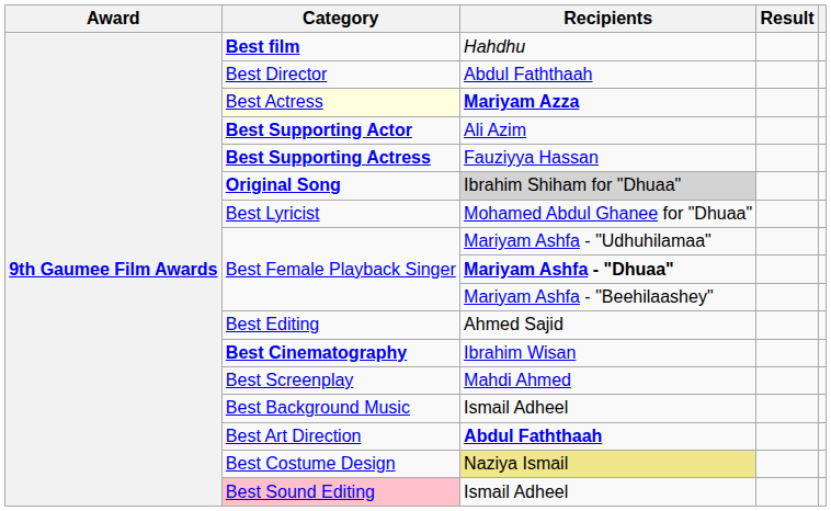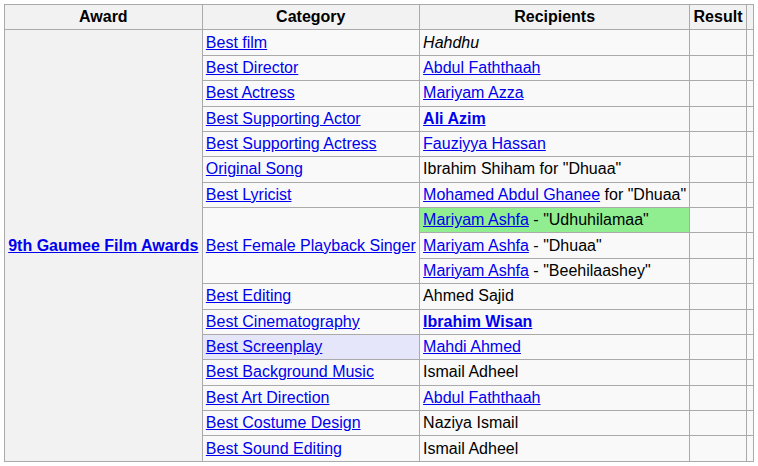 <table class="wikitable plainrowheaders sortable">
 <tr>
 <th scope="col">Award</th>
 <th scope="col">Category</th>
 <th scope="col">Recipients</th>
 <th scope="col">Result</th>
 <th scope="col" class="unsortable"></th>
 </tr>
 <tr>
 <th scope="row" rowspan="17"><a href='#'>9th Gaumee Film Awards</a></th>
-<td><strong><a href='#'>Best film</a></strong></td>
+<td><a href='#'>Best film</a></td>
 <td><em>Hahdhu</em></td>
 <td></td>
 <td style="text-align:center;"></td>
 </tr>
 <tr>
 <td><a href='#'>Best Director</a></td>
 <td><a href='#'>Abdul Faththaah</a></td>
 <td></td>
 <td style="text-align:center;"></td>
 </tr>
 <tr>
-<td style="background: lightyellow;"><a href='#'>Best Actress</a></td>
-<td><strong><a href='#'>Mariyam Azza</a></strong></td>
+<td><a href='#'>Best Actress</a></td>
+<td><a href='#'>Mariyam Azza</a></td>
 <td></td>
 <td style="text-align:center;"></td>
 </tr>
 <tr>
-<td><strong><a href='#'>Best Supporting Actor</a></strong></td>
-<td><a href='#'>Ali Azim</a></td>
+<td><a href='#'>Best Supporting Actor</a></td>
+<td><strong><a href='#'>Ali Azim</a></strong></td>
 <td></td>
 <td style="text-align:center;"></td>
 </tr>
 <tr>
-<td><strong><a href='#'>Best Supporting Actress</a></strong></td>
+<td><a href='#'>Best Supporting Actress</a></td>
 <td><a href='#'>Fauziyya Hassan</a></td>
 <td></td>
 <td style="text-align:center;"></td>
 </tr>
 <tr>
-<td><strong><a href='#'>Original Song</a></strong></td>
-<td style="background: lightgrey;">Ibrahim Shiham for "Dhuaa"</td>
+<td><a href='#'>Original Song</a></td>
+<td>Ibrahim Shiham for "Dhuaa"</td>
 <td></td>
 <td style="text-align:center;"></td>
 </tr>
 <tr>
 <td><a href='#'>Best Lyricist</a></td>
 <td><a href='#'>Mohamed Abdul Ghanee</a> for "Dhuaa"</td>
 <td></td>
 <td style="text-align:center;"></td>
 </tr>
 <tr>
 <td rowspan="3"><a href='#'>Best Female Playback Singer</a></td>
-<td><a href='#'>Mariyam Ashfa</a> - "Udhuhilamaa"</td>
+<td style="background: lightgreen;"><a href='#'>Mariyam Ashfa</a> - "Udhuhilamaa"</td>
 <td></td>
 <td style="text-align:center;"></td>
 </tr>
 <tr>
-<td><strong><a href='#'>Mariyam Ashfa</a> - "Dhuaa"</strong></td>
+<td><a href='#'>Mariyam Ashfa</a> - "Dhuaa"</td>
 <td></td>
 <td style="text-align:center;"></td>
 </tr>
 <tr>
 <td><a href='#'>Mariyam Ashfa</a> - "Beehilaashey"</td>
 <td></td>
 <td style="text-align:center;"></td>
 </tr>
 <tr>
 <td><a href='#'>Best Editing</a></td>
 <td>Ahmed Sajid</td>
 <td></td>
 <td style="text-align:center;"></td>
 </tr>
 <tr>
-<td><strong><a href='#'>Best Cinematography</a></strong></td>
-<td><a href='#'>Ibrahim Wisan</a></td>
+<td><a href='#'>Best Cinematography</a></td>
+<td><strong><a href='#'>Ibrahim Wisan</a></strong></td>
 <td></td>
 <td style="text-align:center;"></td>
 </tr>
 <tr>
-<td><a href='#'>Best Screenplay</a></td>
+<td style="background: lavender;"><a href='#'>Best Screenplay</a></td>
 <td><a href='#'>Mahdi Ahmed</a></td>
 <td></td>
 <td style="text-align:center;"></td>
 </tr>
 <tr>
 <td><a href='#'>Best Background Music</a></td>
 <td>Ismail Adheel</td>
 <td></td>
 <td style="text-align:center;"></td>
 </tr>
 <tr>
 <td><a href='#'>Best Art Direction</a></td>
-<td><strong><a href='#'>Abdul Faththaah</a></strong></td>
+<td><a href='#'>Abdul Faththaah</a></td>
 <td></td>
 <td style="text-align:center;"></td>
 </tr>
 <tr>
 <td><a href='#'>Best Costume Design</a></td>
-<td style="background: khaki;">Naziya Ismail</td>
+<td>Naziya Ismail</td>
 <td></td>
 <td style="text-align:center;"></td>
 </tr>
 <tr>
-<td style="background: pink;"><a href='#'>Best Sound Editing</a></td>
+<td><a href='#'>Best Sound Editing</a></td>
 <td>Ismail Adheel</td>
 <td></td>
 <td style="text-align:center;"></td>
 </tr>
 <tr>
 </tr>
 </table>
